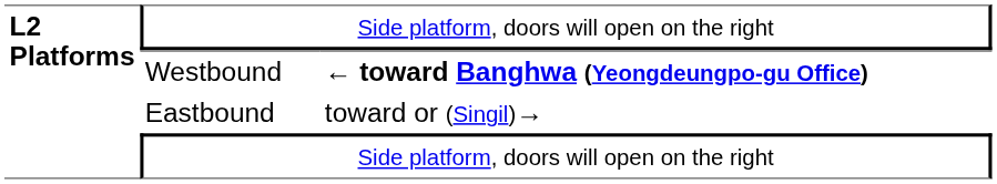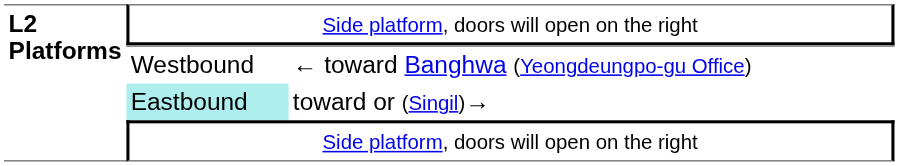 <table table border=0 cellspacing=0 cellpadding=3>
 <tr>
 <td style="border-top:solid 1px gray;border-bottom:solid 1px gray;" width=50 rowspan=10 valign=top><strong>L2<br>Platforms</strong></td>
 <td style="border-top:solid 1px gray;border-right:solid 2px black;border-left:solid 2px black;border-bottom:solid 2px black;text-align:center;" colspan=2><small><a href='#'>Side platform</a>, doors will open on the right</small></td>
 </tr>
 <tr>
 <td style="border-bottom:solid 0px gray;border-top:solid 1px gray;" width=100>Westbound</td>
-<td style="border-bottom:solid 0px gray;border-top:solid 1px gray;" width=390><strong>←  toward <a href='#'>Banghwa</a> <small>(<a href='#'>Yeongdeungpo-gu Office</a>)</small></strong></td>
+<td style="border-bottom:solid 0px gray;border-top:solid 1px gray;" width=390>←  toward <a href='#'>Banghwa</a> <small>(<a href='#'>Yeongdeungpo-gu Office</a>)</small></td>
 </tr>
 <tr>
-<td>Eastbound</td>
+<td style="background: paleturquoise;">Eastbound</td>
 <td>  toward  or  <small>(<a href='#'>Singil</a>)</small>→</td>
 </tr>
 <tr>
 <td style="border-top:solid 2px black;border-right:solid 2px black;border-left:solid 2px black;border-bottom:solid 1px gray;text-align:center;" colspan=2><small><a href='#'>Side platform</a>, doors will open on the right</small></td>
 </tr>
 </table>
